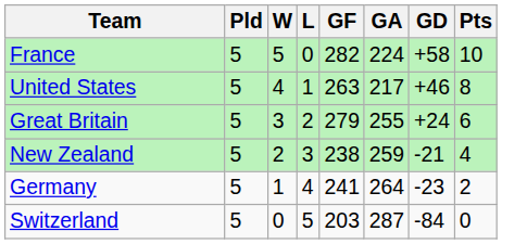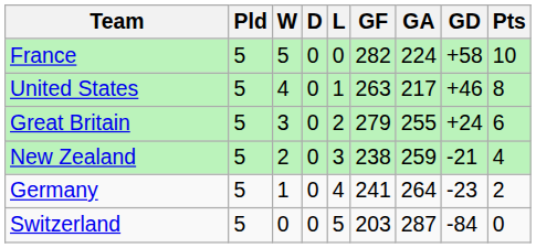 <table class="wikitable">
 <tr>
 <th style="width:10em;">Team</th>
 <th>Pld</th>
 <th>W</th>
+<th>D</th>
 <th>L</th>
 <th>GF</th>
 <th>GA</th>
 <th>GD</th>
 <th>Pts</th>
 </tr>
 <tr style="background:#BBF3BB">
 <td> <a href='#'>France</a></td>
 <td>5</td>
 <td>5</td>
 <td>0</td>
+<td>0</td>
 <td>282</td>
 <td>224</td>
 <td>+58</td>
 <td>10</td>
 </tr>
 <tr style="background:#BBF3BB">
 <td> <a href='#'>United States</a></td>
 <td>5</td>
 <td>4</td>
+<td>0</td>
 <td>1</td>
 <td>263</td>
 <td>217</td>
 <td>+46</td>
 <td>8</td>
 </tr>
 <tr style="background:#BBF3BB">
 <td> <a href='#'>Great Britain</a></td>
 <td>5</td>
 <td>3</td>
+<td>0</td>
 <td>2</td>
 <td>279</td>
 <td>255</td>
 <td>+24</td>
 <td>6</td>
 </tr>
 <tr style="background:#BBF3BB">
 <td> <a href='#'>New Zealand</a></td>
 <td>5</td>
 <td>2</td>
+<td>0</td>
 <td>3</td>
 <td>238</td>
 <td>259</td>
 <td>-21</td>
 <td>4</td>
 </tr>
 <tr>
 <td> <a href='#'>Germany</a></td>
 <td>5</td>
 <td>1</td>
+<td>0</td>
 <td>4</td>
 <td>241</td>
 <td>264</td>
 <td>-23</td>
 <td>2</td>
 </tr>
 <tr>
 <td> <a href='#'>Switzerland</a></td>
 <td>5</td>
 <td>0</td>
+<td>0</td>
 <td>5</td>
 <td>203</td>
 <td>287</td>
 <td>-84</td>
 <td>0</td>
 </tr>
 </table>
